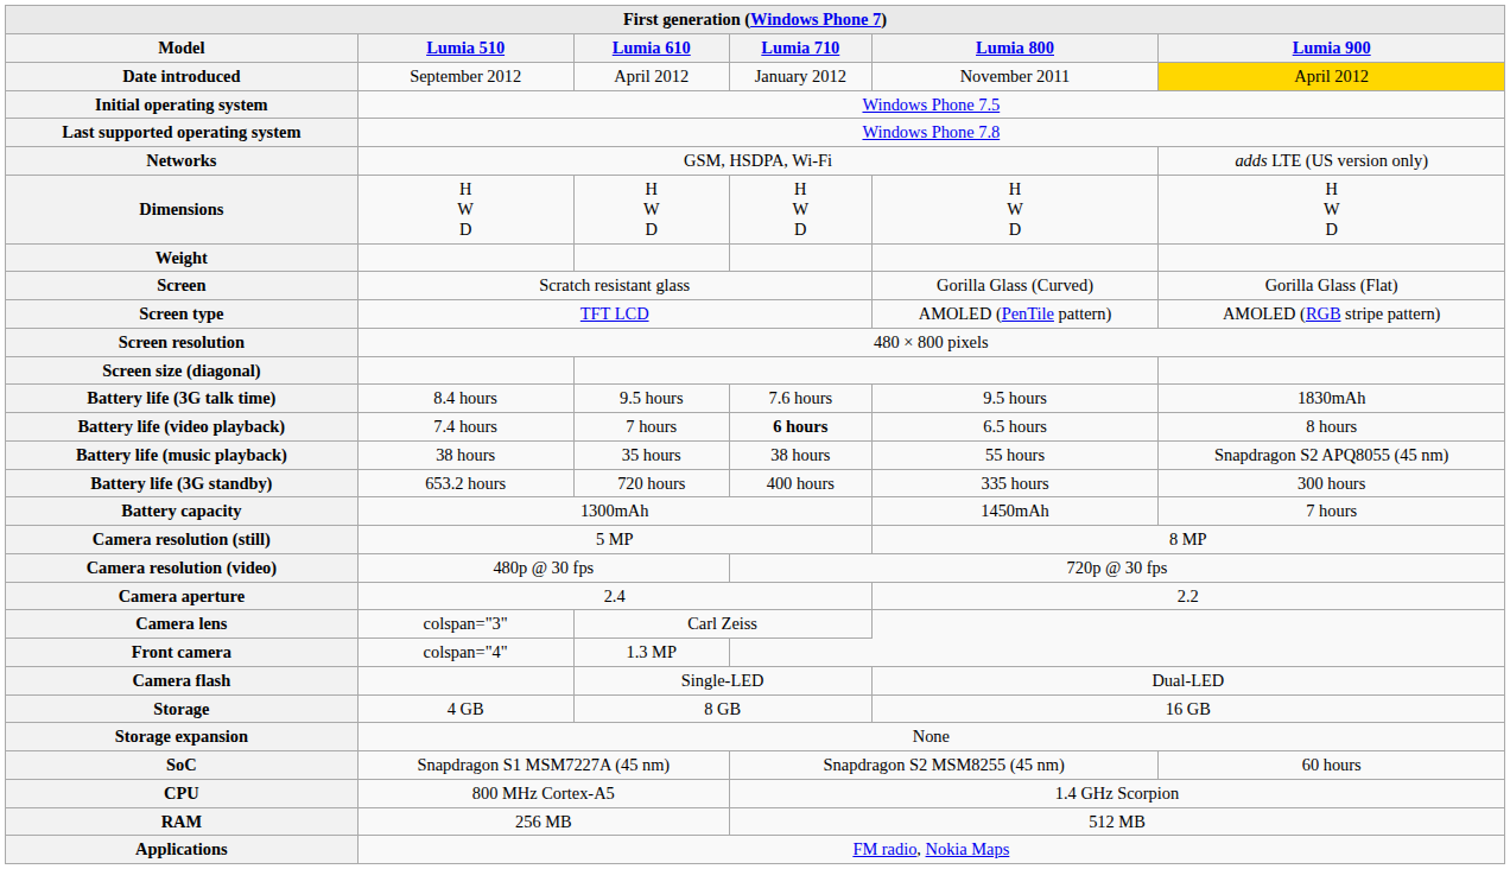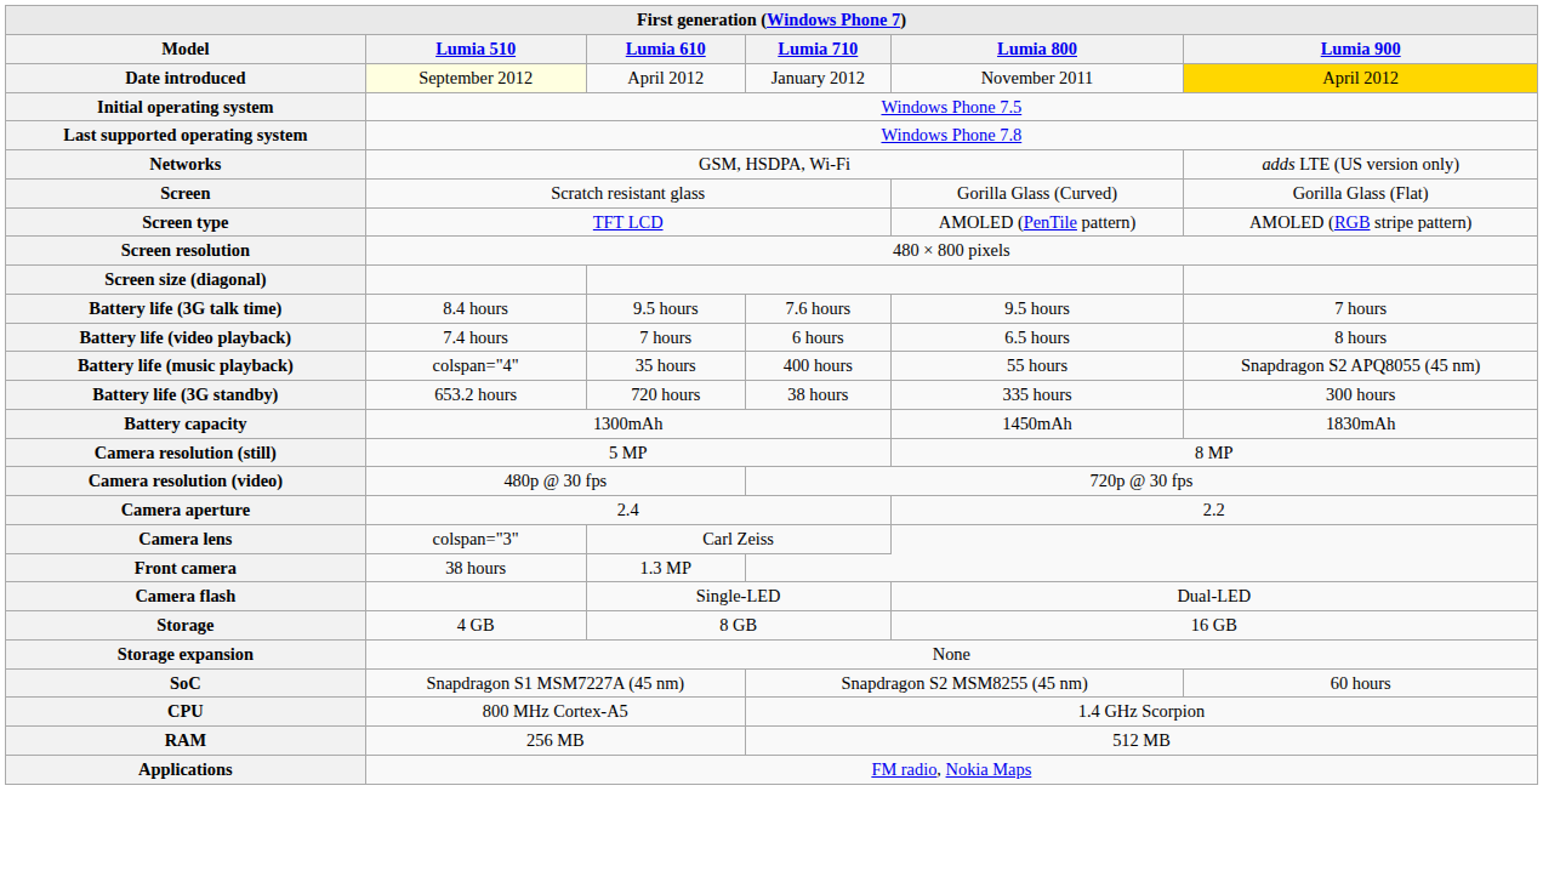 <table class="wikitable collapsible collapsed" style="text-align:center; width:100%; font-size:90%">
 <tr>
 <th style="background:#e9e9e9;" colspan=6>First generation (<a href='#'>Windows Phone 7</a>)</th>
 </tr>
 <tr>
 <th>Model</th>
 <th><a href='#'>Lumia 510</a></th>
 <th><a href='#'>Lumia 610</a></th>
 <th><a href='#'>Lumia 710</a></th>
 <th><a href='#'>Lumia 800</a></th>
 <th><a href='#'>Lumia 900</a></th>
 </tr>
 <tr>
 <th>Date introduced</th>
-<td>September 2012</td>
+<td style="background: lightyellow;">September 2012</td>
 <td>April 2012</td>
 <td>January 2012</td>
 <td>November 2011</td>
 <td style="background: gold;">April 2012</td>
 </tr>
 <tr>
 <th>Initial operating system</th>
 <td colspan="5"><a href='#'>Windows Phone 7.5</a></td>
 </tr>
 <tr>
 <th>Last supported operating system</th>
 <td colspan="5"><a href='#'>Windows Phone 7.8</a></td>
 </tr>
 <tr>
 <th>Networks</th>
 <td colspan="4">GSM, HSDPA, Wi-Fi</td>
 <td><em>adds</em> LTE (US version only)</td>
-</tr>
-<tr>
-<th>Dimensions</th>
-<td> H<br> W<br> D</td>
-<td> H<br> W<br> D</td>
-<td> H<br> W<br> D</td>
-<td> H<br> W<br> D</td>
-<td> H<br> W<br> D</td>
-</tr>
-<tr>
-<th>Weight</th>
-<td></td>
-<td></td>
-<td></td>
-<td></td>
-<td></td>
 </tr>
 <tr>
 <th>Screen</th>
 <td colspan="3">Scratch resistant glass</td>
 <td>Gorilla Glass (Curved)</td>
 <td>Gorilla Glass (Flat)</td>
 </tr>
 <tr>
 <th>Screen type</th>
 <td colspan="3"><a href='#'>TFT LCD</a></td>
 <td>AMOLED (<a href='#'>PenTile</a> pattern)</td>
 <td>AMOLED (<a href='#'>RGB</a> stripe pattern)</td>
 </tr>
 <tr>
 <th>Screen resolution</th>
 <td colspan="5">480 × 800 pixels</td>
 </tr>
 <tr>
 <th>Screen size (diagonal)</th>
 <td></td>
 <td colspan="3"></td>
 <td></td>
 </tr>
 <tr>
 <th>Battery life (3G talk time)</th>
 <td>8.4 hours</td>
 <td>9.5 hours</td>
 <td>7.6 hours</td>
 <td>9.5 hours</td>
-<td>1830mAh</td>
+<td>7 hours</td>
 </tr>
 <tr>
 <th>Battery life (video playback)</th>
 <td>7.4 hours</td>
 <td>7 hours</td>
-<td><strong>6 hours</strong></td>
+<td>6 hours</td>
 <td>6.5 hours</td>
 <td>8 hours</td>
 </tr>
 <tr>
 <th>Battery life (music playback)</th>
-<td>38 hours</td>
+<td>colspan="4" </td>
 <td>35 hours</td>
-<td>38 hours</td>
+<td>400 hours</td>
 <td>55 hours</td>
 <td>Snapdragon S2 APQ8055 (45 nm)</td>
 </tr>
 <tr>
 <th>Battery life (3G standby)</th>
 <td>653.2 hours</td>
 <td>720 hours</td>
-<td>400 hours</td>
+<td>38 hours</td>
 <td>335 hours</td>
 <td>300 hours</td>
 </tr>
 <tr>
 <th>Battery capacity</th>
 <td colspan="3">1300mAh</td>
 <td>1450mAh</td>
-<td>7 hours</td>
+<td>1830mAh</td>
 </tr>
 <tr>
 <th>Camera resolution (still)</th>
 <td colspan="3">5 MP</td>
 <td colspan="2">8 MP</td>
 </tr>
 <tr>
 <th>Camera resolution (video)</th>
 <td colspan="2">480p @ 30 fps</td>
 <td colspan="3">720p @ 30 fps</td>
 </tr>
 <tr>
 <th>Camera aperture</th>
 <td colspan="3">2.4</td>
 <td colspan="2">2.2</td>
 </tr>
 <tr>
 <th>Camera lens</th>
 <td>colspan="3" </td>
 <td colspan="2">Carl Zeiss</td>
 </tr>
 <tr>
 <th>Front camera</th>
-<td>colspan="4" </td>
+<td>38 hours</td>
 <td>1.3 MP</td>
 </tr>
 <tr>
 <th>Camera flash</th>
 <td></td>
 <td colspan="2">Single-LED</td>
 <td colspan="2">Dual-LED</td>
 </tr>
 <tr>
 <th>Storage</th>
 <td>4 GB</td>
 <td colspan="2">8 GB</td>
 <td colspan="2">16 GB</td>
 </tr>
 <tr>
 <th>Storage expansion</th>
 <td colspan="5">None</td>
 </tr>
 <tr>
 <th>SoC</th>
 <td colspan="2">Snapdragon S1 MSM7227A (45 nm)</td>
 <td colspan="2">Snapdragon S2 MSM8255 (45 nm)</td>
 <td>60 hours</td>
 </tr>
 <tr>
 <th>CPU</th>
 <td colspan="2">800 MHz Cortex-A5</td>
 <td colspan="3">1.4 GHz Scorpion</td>
 </tr>
 <tr>
 <th>RAM</th>
 <td colspan="2">256 MB</td>
 <td colspan="3">512 MB</td>
 </tr>
 <tr>
 <th>Applications</th>
 <td colspan="5"><a href='#'>FM radio</a>, <a href='#'>Nokia Maps</a></td>
 </tr>
 </table>
